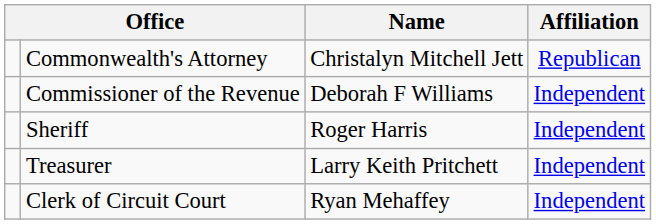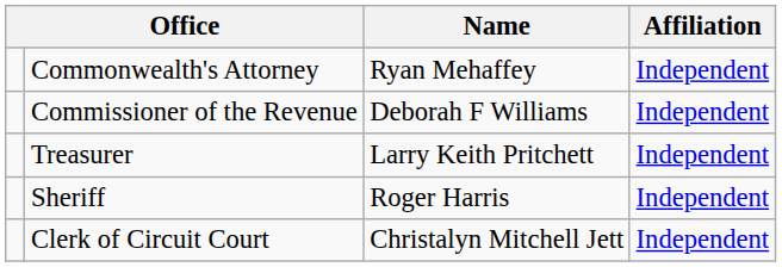 <table class=wikitable>
 <tr>
 <th colspan="2"  style="text-align:center; vertical-align:bottom;">Office</th>
 <th style="text-align:center;">Name</th>
 <th valign=bottom>Affiliation</th>
 </tr>
 <tr>
 <td style="background-color:"> </td>
 <td>Commonwealth's Attorney</td>
-<td>Christalyn Mitchell Jett</td>
-<td style="text-align:center;"><a href='#'>Republican</a></td>
+<td>Ryan Mehaffey</td>
+<td style="text-align:center;"><a href='#'>Independent</a></td>
 </tr>
 <tr>
 <td style="background-color:"> </td>
 <td>Commissioner of the Revenue</td>
 <td>Deborah F Williams</td>
+<td style="text-align:center;"><a href='#'>Independent</a></td>
+</tr>
+<tr>
+<td style="background-color:"> </td>
+<td>Treasurer</td>
+<td>Larry Keith Pritchett</td>
 <td style="text-align:center;"><a href='#'>Independent</a></td>
 </tr>
 <tr>
 <td style="background-color:"> </td>
 <td>Sheriff</td>
 <td>Roger Harris</td>
 <td style="text-align:center;"><a href='#'>Independent</a></td>
 </tr>
 <tr>
 <td style="background-color:"> </td>
-<td>Treasurer</td>
-<td>Larry Keith Pritchett</td>
-<td style="text-align:center;"><a href='#'>Independent</a></td>
-</tr>
-<tr>
-<td style="background-color:"> </td>
 <td>Clerk of Circuit Court</td>
-<td>Ryan Mehaffey</td>
+<td>Christalyn Mitchell Jett</td>
 <td style="text-align:center;"><a href='#'>Independent</a></td>
 </tr>
 </table>
